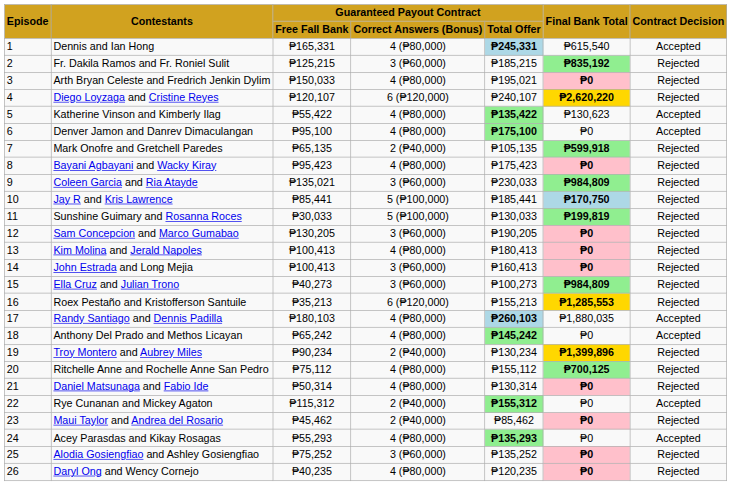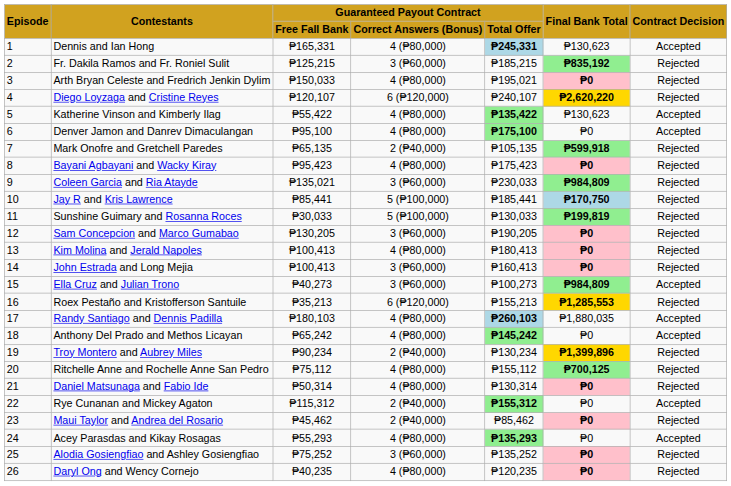 <table class="wikitable">
 <tr>
 <th rowspan="2" style="text-align:center; background-color:#d1a21f;">Episode</th>
 <th rowspan="2" style="text-align:center; background-color:#d1a21f;">Contestants</th>
 <th colspan="3" style="text-align:center; background-color:#d1a21f;">Guaranteed Payout Contract</th>
 <th rowspan="2" style="text-align:center; background-color:#d1a21f;">Final Bank Total</th>
 <th rowspan="2" style="text-align:center; background-color:#d1a21f;">Contract Decision</th>
 </tr>
 <tr>
 <th style="text-align:center; background-color:#d1a21f;">Free Fall Bank</th>
 <th style="text-align:center; background-color:#d1a21f;">Correct Answers (Bonus)</th>
 <th style="text-align:center; background-color:#d1a21f;">Total Offer</th>
 </tr>
 <tr>
 <td>1</td>
 <td>Dennis and Ian Hong</td>
 <td style="text-align:center">₱165,331</td>
 <td style="text-align:center">4 (₱80,000)</td>
 <td style="text-align:center; background-color:lightblue;"><strong>₱245,331</strong></td>
-<td style="text-align:center">₱615,540</td>
+<td style="text-align:center">₱130,623</td>
 <td style="text-align:center">Accepted</td>
 </tr>
 <tr>
 <td>2</td>
 <td>Fr. Dakila Ramos and Fr. Roniel Sulit</td>
 <td style="text-align:center">₱125,215</td>
 <td style="text-align:center">3 (₱60,000)</td>
 <td style="text-align:center">₱185,215</td>
 <td style="text-align:center; background-color:lightgreen;"><strong>₱835,192</strong></td>
 <td style="text-align:center">Rejected</td>
 </tr>
 <tr>
 <td>3</td>
 <td>Arth Bryan Celeste and Fredrich Jenkin Dylim</td>
 <td style="text-align:center">₱150,033</td>
 <td style="text-align:center">4 (₱80,000)</td>
 <td style="text-align:center">₱195,021</td>
 <td style="text-align:center; background-color:pink;"><strong>₱0</strong></td>
 <td style="text-align:center">Rejected</td>
 </tr>
 <tr>
 <td>4</td>
 <td><a href='#'>Diego Loyzaga</a> and <a href='#'>Cristine Reyes</a></td>
 <td style="text-align:center">₱120,107</td>
 <td style="text-align:center">6 (₱120,000)</td>
 <td style="text-align:center">₱240,107</td>
 <td style="text-align:center; background-color:gold;"><strong>₱2,620,220</strong></td>
 <td style="text-align:center">Rejected</td>
 </tr>
 <tr>
 <td>5</td>
 <td>Katherine Vinson and Kimberly Ilag</td>
 <td style="text-align:center">₱55,422</td>
 <td style="text-align:center">4 (₱80,000)</td>
 <td style="text-align:center; background-color:lightgreen;"><strong>₱135,422</strong></td>
 <td style="text-align:center">₱130,623</td>
 <td style="text-align:center">Accepted</td>
 </tr>
 <tr>
 <td>6</td>
 <td>Denver Jamon and Danrev Dimaculangan</td>
 <td style="text-align:center">₱95,100</td>
 <td style="text-align:center">4 (₱80,000)</td>
 <td style="text-align:center; background-color:lightgreen;"><strong>₱175,100</strong></td>
 <td style="text-align:center">₱0</td>
 <td style="text-align:center">Accepted</td>
 </tr>
 <tr>
 <td>7</td>
 <td>Mark Onofre and Gretchell Paredes</td>
 <td style="text-align:center">₱65,135</td>
 <td style="text-align:center">2 (₱40,000)</td>
 <td style="text-align:center">₱105,135</td>
 <td style="text-align:center; background-color:lightgreen;"><strong>₱599,918</strong></td>
 <td style="text-align:center">Rejected</td>
 </tr>
 <tr>
 <td>8</td>
 <td><a href='#'>Bayani Agbayani</a> and <a href='#'>Wacky Kiray</a></td>
 <td style="text-align:center">₱95,423</td>
 <td style="text-align:center">4 (₱80,000)</td>
 <td style="text-align:center">₱175,423</td>
 <td style="text-align:center; background-color:pink;"><strong>₱0</strong></td>
 <td style="text-align:center">Rejected</td>
 </tr>
 <tr>
 <td>9</td>
 <td><a href='#'>Coleen Garcia</a> and <a href='#'>Ria Atayde</a></td>
 <td style="text-align:center">₱135,021</td>
 <td style="text-align:center">3 (₱60,000)</td>
 <td style="text-align:center">₱230,033</td>
 <td style="text-align:center; background-color:lightgreen;"><strong>₱984,809</strong></td>
 <td style="text-align:center">Rejected</td>
 </tr>
 <tr>
 <td>10</td>
 <td><a href='#'>Jay R</a> and <a href='#'>Kris Lawrence</a></td>
 <td style="text-align:center">₱85,441</td>
 <td style="text-align:center">5 (₱100,000)</td>
 <td style="text-align:center">₱185,441</td>
 <td style="text-align:center; background-color:lightblue;"><strong>₱170,750</strong></td>
 <td style="text-align:center">Rejected</td>
 </tr>
 <tr>
 <td>11</td>
 <td>Sunshine Guimary and <a href='#'>Rosanna Roces</a></td>
 <td style="text-align:center">₱30,033</td>
 <td style="text-align:center">5 (₱100,000)</td>
 <td style="text-align:center">₱130,033</td>
 <td style="text-align:center; background-color:lightgreen;"><strong>₱199,819</strong></td>
 <td style="text-align:center">Rejected</td>
 </tr>
 <tr>
 <td>12</td>
 <td><a href='#'>Sam Concepcion</a> and <a href='#'>Marco Gumabao</a></td>
 <td style="text-align:center">₱130,205</td>
 <td style="text-align:center">3 (₱60,000)</td>
 <td style="text-align:center">₱190,205</td>
 <td style="text-align:center; background-color:pink;"><strong>₱0</strong></td>
 <td style="text-align:center">Rejected</td>
 </tr>
 <tr>
 <td>13</td>
 <td><a href='#'>Kim Molina</a> and <a href='#'>Jerald Napoles</a></td>
 <td style="text-align:center">₱100,413</td>
 <td style="text-align:center">4 (₱80,000)</td>
 <td style="text-align:center">₱180,413</td>
 <td style="text-align:center;  background-color:pink;"><strong>₱0</strong></td>
 <td style="text-align:center">Rejected</td>
 </tr>
 <tr>
 <td>14</td>
 <td><a href='#'>John Estrada</a> and Long Mejia</td>
 <td style="text-align:center">₱100,413</td>
 <td style="text-align:center">3 (₱60,000)</td>
 <td style="text-align:center">₱160,413</td>
 <td style="text-align:center; background-color:pink;"><strong>₱0</strong></td>
 <td style="text-align:center">Rejected</td>
 </tr>
 <tr>
 <td>15</td>
 <td><a href='#'>Ella Cruz</a> and <a href='#'>Julian Trono</a></td>
 <td style="text-align:center">₱40,273</td>
 <td style="text-align:center">3 (₱60,000)</td>
 <td style="text-align:center">₱100,273</td>
 <td style="text-align:center; background-color:lightgreen;"><strong>₱984,809</strong></td>
-<td style="text-align:center">Rejected</td>
+<td style="text-align:center">Accepted</td>
 </tr>
 <tr>
 <td>16</td>
 <td>Roex Pestaño and Kristofferson Santuile</td>
 <td style="text-align:center">₱35,213</td>
 <td style="text-align:center">6 (₱120,000)</td>
 <td style="text-align:center">₱155,213</td>
 <td style="text-align:center; background-color:gold;"><strong>₱1,285,553</strong></td>
 <td style="text-align:center">Rejected</td>
 </tr>
 <tr>
 <td>17</td>
 <td><a href='#'>Randy Santiago</a> and <a href='#'>Dennis Padilla</a></td>
 <td style="text-align:center">₱180,103</td>
 <td style="text-align:center">4 (₱80,000)</td>
 <td style="text-align:center; background-color:lightblue;"><strong>₱260,103</strong></td>
 <td style="text-align:center">₱1,880,035</td>
 <td style="text-align:center">Accepted</td>
 </tr>
 <tr>
 <td>18</td>
 <td>Anthony Del Prado and Methos Licayan</td>
 <td style="text-align:center">₱65,242</td>
 <td style="text-align:center">4 (₱80,000)</td>
 <td style="text-align:center; background-color:lightgreen;"><strong>₱145,242</strong></td>
 <td style="text-align:center">₱0</td>
 <td style="text-align:center">Accepted</td>
 </tr>
 <tr>
 <td>19</td>
 <td><a href='#'>Troy Montero</a> and <a href='#'>Aubrey Miles</a></td>
 <td style="text-align:center">₱90,234</td>
 <td style="text-align:center">2 (₱40,000)</td>
 <td style="text-align:center">₱130,234</td>
 <td style="text-align:center; background-color:gold;"><strong>₱1,399,896</strong></td>
 <td style="text-align:center">Rejected</td>
 </tr>
 <tr>
 <td>20</td>
 <td>Ritchelle Anne and Rochelle Anne San Pedro</td>
 <td style="text-align:center">₱75,112</td>
 <td style="text-align:center">4 (₱80,000)</td>
 <td style="text-align:center">₱155,112</td>
 <td style="text-align:center; background-color:lightgreen;"><strong>₱700,125</strong></td>
 <td style="text-align:center">Rejected</td>
 </tr>
 <tr>
 <td>21</td>
 <td><a href='#'>Daniel Matsunaga</a> and <a href='#'>Fabio Ide</a></td>
 <td style="text-align:center">₱50,314</td>
 <td style="text-align:center">4 (₱80,000)</td>
 <td style="text-align:center">₱130,314</td>
 <td style="text-align:center; background-color:pink;"><strong>₱0</strong></td>
 <td style="text-align:center">Rejected</td>
 </tr>
 <tr>
 <td>22</td>
 <td>Rye Cunanan and Mickey Agaton</td>
 <td style="text-align:center">₱115,312</td>
 <td style="text-align:center">2 (₱40,000)</td>
 <td style="text-align:center; background-color:lightgreen;"><strong>₱155,312</strong></td>
 <td style="text-align:center">₱0</td>
 <td style="text-align:center">Accepted</td>
 </tr>
 <tr>
 <td>23</td>
 <td><a href='#'>Maui Taylor</a> and <a href='#'>Andrea del Rosario</a></td>
 <td style="text-align:center">₱45,462</td>
 <td style="text-align:center">2 (₱40,000)</td>
 <td style="text-align:center">₱85,462</td>
 <td style="text-align:center; background-color:pink;"><strong>₱0</strong></td>
 <td style="text-align:center">Rejected</td>
 </tr>
 <tr>
 <td>24</td>
 <td>Acey Parasdas and Kikay Rosagas</td>
 <td style="text-align:center">₱55,293</td>
 <td style="text-align:center">4 (₱80,000)</td>
 <td style="text-align:center; background-color:lightgreen;"><strong>₱135,293</strong></td>
 <td style="text-align:center">₱0</td>
 <td style="text-align:center">Accepted</td>
 </tr>
 <tr>
 <td>25</td>
 <td><a href='#'>Alodia Gosiengfiao</a> and Ashley Gosiengfiao</td>
 <td style="text-align:center">₱75,252</td>
 <td style="text-align:center">3 (₱60,000)</td>
 <td style="text-align:center">₱135,252</td>
 <td style="text-align:center; background-color:pink;"><strong>₱0</strong></td>
 <td style="text-align:center">Rejected</td>
 </tr>
 <tr>
 <td>26</td>
 <td><a href='#'>Daryl Ong</a> and Wency Cornejo</td>
 <td style="text-align:center">₱40,235</td>
 <td style="text-align:center">4 (₱80,000)</td>
 <td style="text-align:center">₱120,235</td>
 <td style="text-align:center; background-color:pink;"><strong>₱0</strong></td>
 <td style="text-align:center">Rejected</td>
 </tr>
 </table>
